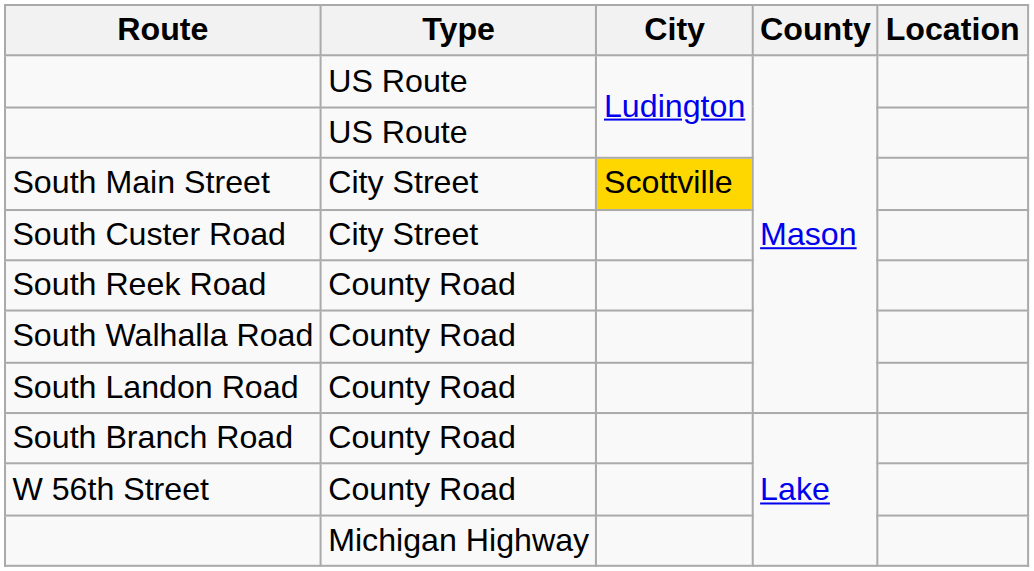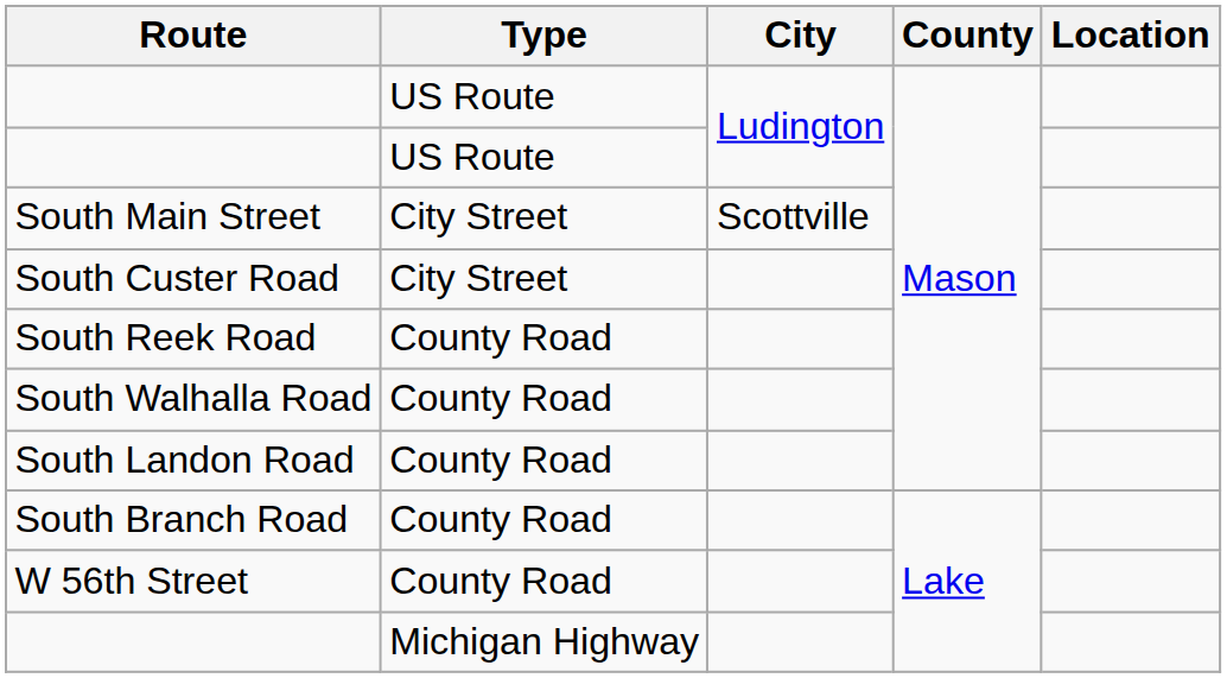 <table class="wikitable">
 <tr>
 <th>Route</th>
 <th>Type</th>
 <th>City</th>
 <th>County</th>
 <th>Location</th>
 </tr>
 <tr>
 <td></td>
 <td>US Route</td>
 <td rowspan="2"><a href='#'>Ludington</a></td>
 <td rowspan="7"><a href='#'>Mason</a></td>
 <td></td>
 </tr>
 <tr>
 <td></td>
 <td>US Route</td>
 <td></td>
 </tr>
 <tr>
 <td>South Main Street</td>
 <td>City Street</td>
-<td style="background: gold;">Scottville</td>
+<td>Scottville</td>
 <td></td>
 </tr>
 <tr>
 <td>South Custer Road</td>
 <td>City Street</td>
 <td></td>
 <td></td>
 </tr>
 <tr>
 <td>South Reek Road</td>
 <td>County Road</td>
 <td></td>
 <td></td>
 </tr>
 <tr>
 <td>South Walhalla Road</td>
 <td>County Road</td>
 <td></td>
 <td></td>
 </tr>
 <tr>
 <td>South Landon Road</td>
 <td>County Road</td>
 <td></td>
 <td></td>
 </tr>
 <tr>
 <td>South Branch Road</td>
 <td>County Road</td>
 <td></td>
 <td rowspan="3"><a href='#'>Lake</a></td>
 <td></td>
 </tr>
 <tr>
 <td>W 56th Street</td>
 <td>County Road</td>
 <td></td>
 <td></td>
 </tr>
 <tr>
 <td></td>
 <td>Michigan Highway</td>
 <td></td>
 <td></td>
 </tr>
 </table>
